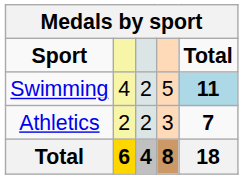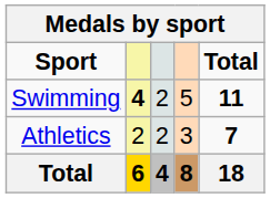 <table class=wikitable style="font-size:95%; float:right">
 <tr bgcolor=efefef>
 <th colspan=7><strong>Medals by sport</strong></th>
 </tr>
 <tr align=center>
 <td><strong>Sport</strong></td>
 <td bgcolor=f7f6a8></td>
 <td bgcolor=dce5e5></td>
 <td bgcolor=ffdab9></td>
 <td><strong>Total</strong></td>
 </tr>
 <tr align=center>
 <td><a href='#'>Swimming</a></td>
-<td style="background:#F7F6A8;">4</td>
+<td style="background:#F7F6A8;"><strong>4</strong></td>
 <td style="background:#DCE5E5;">2</td>
 <td style="background:#FFDAB9;">5</td>
-<td style="background: lightblue;"><strong>11</strong></td>
+<td><strong>11</strong></td>
 </tr>
 <tr align=center>
 <td><a href='#'>Athletics</a></td>
 <td style="background:#F7F6A8;">2</td>
 <td style="background:#DCE5E5;">2</td>
 <td style="background:#FFDAB9;">3</td>
 <td><strong>7</strong></td>
 </tr>
 <tr align=center>
 <th>Total</th>
 <th style="background:gold">6</th>
 <th style="background:silver">4</th>
 <th style="background:#c96">8</th>
 <th>18</th>
 </tr>
 </table>
